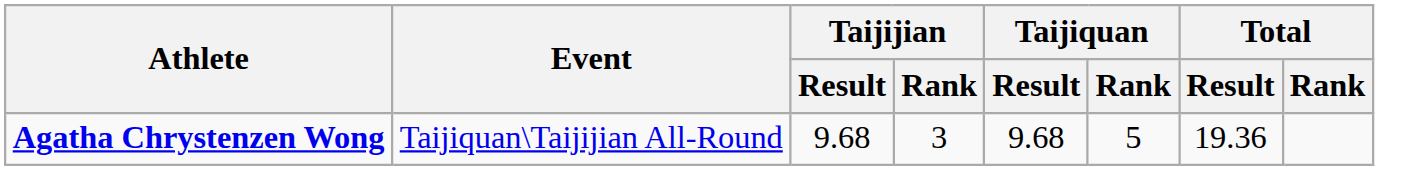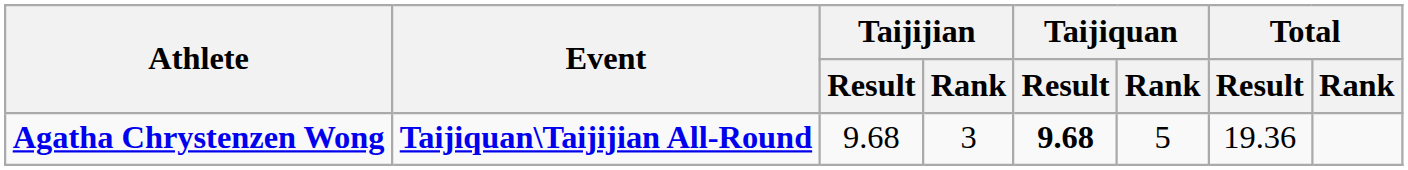 <table class=wikitable style="font-size:90%">
 <tr>
 <th rowspan="2">Athlete</th>
 <th rowspan="2">Event</th>
 <th colspan="2">Taijijian</th>
 <th colspan="2">Taijiquan</th>
 <th colspan="2">Total</th>
 </tr>
 <tr>
 <th>Result</th>
 <th>Rank</th>
 <th>Result</th>
 <th>Rank</th>
 <th>Result</th>
 <th>Rank</th>
 </tr>
 <tr>
 <td><strong><a href='#'>Agatha Chrystenzen Wong</a></strong></td>
-<td><a href='#'>Taijiquan\Taijijian All-Round</a></td>
+<td><strong><a href='#'>Taijiquan\Taijijian All-Round</a></strong></td>
 <td align=center>9.68</td>
 <td align=center>3</td>
-<td align=center>9.68</td>
+<td align=center><strong>9.68</strong></td>
 <td align=center>5</td>
 <td align=center>19.36</td>
 <td align=center></td>
 </tr>
 </table>
